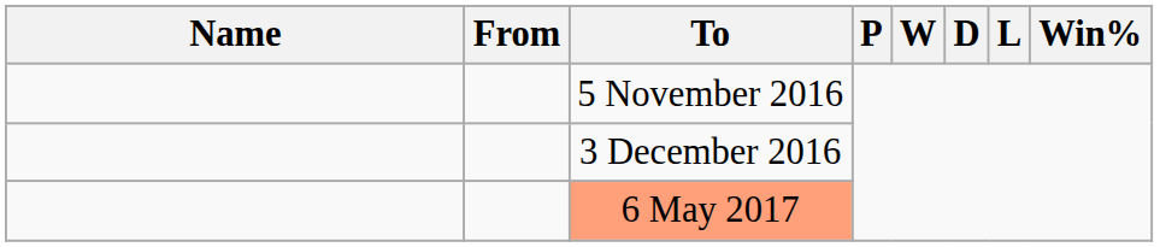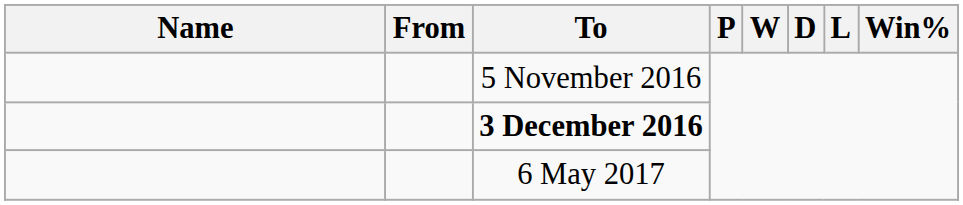 <table class="wikitable sortable" style="text-align: center;">
 <tr>
 <th style="width:12em">Name</th>
 <th>From</th>
 <th>To</th>
 <th>P</th>
 <th>W</th>
 <th>D</th>
 <th>L</th>
 <th>Win%</th>
 </tr>
 <tr>
 <td align=left></td>
 <td></td>
 <td>5 November 2016<br></td>
 </tr>
 <tr>
 <td align=left></td>
 <td></td>
-<td>3 December 2016<br></td>
+<td><strong>3 December 2016<br></strong></td>
 </tr>
 <tr>
 <td align=left></td>
 <td></td>
-<td style="background: lightsalmon;">6 May 2017<br></td>
+<td>6 May 2017<br></td>
 </tr>
 </table>
